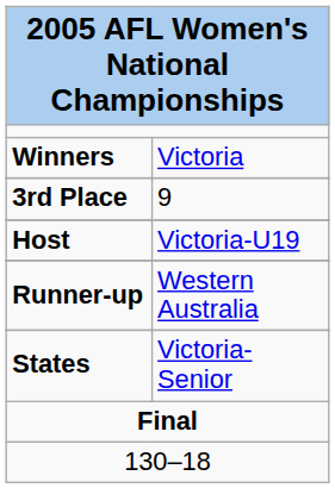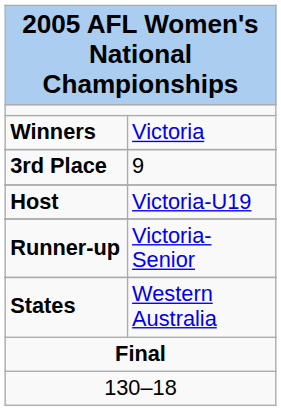 <table class="wikitable" align="right" width="200" style="margin-left:0.3em">
 <tr>
 <th style="background:#ABCDEF" align="center" colspan="2"><big>2005 AFL Women's National Championships</big></th>
 </tr>
 <tr>
 <td colspan="2" style="text-align: center;"></td>
 </tr>
 <tr>
 <td><strong>Winners</strong></td>
 <td><a href='#'>Victoria</a></td>
 </tr>
 <tr style="text-align:center;">
 </tr>
 <tr>
 <td><strong>3rd Place</strong></td>
 <td>9</td>
 </tr>
 <tr style="text-align:center;">
 </tr>
 <tr>
 <td><strong>Host</strong></td>
 <td><a href='#'>Victoria-U19</a></td>
 </tr>
 <tr style="text-align:center;">
 </tr>
 <tr>
 <td><strong>Runner-up</strong></td>
-<td><a href='#'>Western Australia</a></td>
+<td><a href='#'>Victoria-Senior</a></td>
 </tr>
 <tr style="text-align:center;">
 </tr>
 <tr>
 <td><strong>States</strong></td>
-<td><a href='#'>Victoria-Senior</a></td>
+<td><a href='#'>Western Australia</a></td>
 </tr>
 <tr style="text-align:center;">
 <td colspan="2"><strong>Final</strong></td>
 </tr>
 <tr style="text-align:center;">
 <td colspan="2">130–18</td>
 </tr>
 </table>
